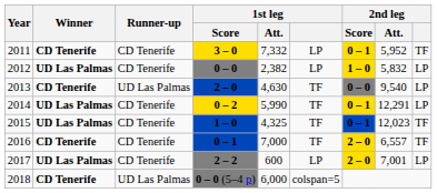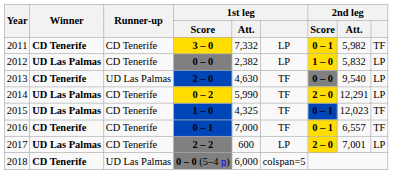 <table class="wikitable">
 <tr>
 <th rowspan=2>Year</th>
 <th rowspan=2>Winner</th>
 <th rowspan=2>Runner-up</th>
 <th colspan=3>1st leg</th>
 <th colspan=3>2nd leg</th>
 </tr>
 <tr>
 <th>Score</th>
 <th>Att.</th>
 <th></th>
 <th>Score</th>
 <th>Att.</th>
 <th></th>
 </tr>
 <tr>
 <td align=center>2011</td>
 <td><strong>CD Tenerife</strong></td>
 <td>CD Tenerife</td>
 <td bgcolor=ffdd00 align=center><span><strong>3 – 0</strong></span></td>
 <td align=center>7,332</td>
 <td align=center>LP</td>
 <td bgcolor=ffdd00 align=center><span><strong>0 – 1</strong></span></td>
-<td align=center>5,952</td>
+<td align=center>5,982</td>
 <td align=center>TF</td>
 </tr>
 <tr>
 <td align=center>2012</td>
 <td><strong>UD Las Palmas</strong></td>
 <td>CD Tenerife</td>
 <td bgcolor=808080 align=center><span><strong>0 – 0</strong> </span></td>
 <td align=center>2,382</td>
 <td align=center>LP</td>
 <td bgcolor=ffdd00 align=center><span><strong>1 – 0</strong></span></td>
 <td align=center>5,832</td>
 <td align=center>LP</td>
 </tr>
 <tr>
 <td align=center>2013</td>
 <td><strong>CD Tenerife</strong></td>
 <td>UD Las Palmas</td>
 <td bgcolor=0046b8 align=center><span><strong>2 – 0</strong> </span></td>
 <td align=center>4,630</td>
 <td align=center>TF</td>
 <td bgcolor=808080 align=center><span><strong>0 – 0</strong> </span></td>
 <td align=center>9,540</td>
 <td align=center>LP</td>
 </tr>
 <tr>
 <td align=center>2014</td>
 <td><strong>UD Las Palmas</strong></td>
 <td>CD Tenerife</td>
 <td bgcolor=ffdd00 align=center><span><strong>0 – 2</strong></span></td>
 <td align=center>5,990</td>
 <td align=center>TF</td>
-<td bgcolor=ffdd00 align=center><span><strong>0 – 1</strong></span></td>
+<td bgcolor=ffdd00 align=center><span><strong>2 – 0</strong></span></td>
 <td align=center>12,291</td>
 <td align=center>LP</td>
 </tr>
 <tr>
 <td align=center>2015</td>
 <td><strong>UD Las Palmas</strong></td>
 <td>CD Tenerife</td>
 <td bgcolor=0046b8 align=center><span><strong>1 – 0</strong> </span></td>
 <td align=center>4,325</td>
 <td align=center>TF</td>
 <td bgcolor=0046b8 align=center><span><strong>0 – 1</strong> </span></td>
 <td align=center>12,023</td>
 <td align=center>TF</td>
 </tr>
 <tr>
 <td align=center>2016</td>
 <td><strong>CD Tenerife</strong></td>
 <td>CD Tenerife</td>
 <td bgcolor=0046b8 align=center><span><strong>0 – 1</strong> </span></td>
 <td align=center>7,000</td>
 <td align=center>TF</td>
-<td bgcolor=ffdd00 align=center><span><strong>2 – 0</strong></span></td>
+<td bgcolor=ffdd00 align=center><span><strong>0 – 1</strong></span></td>
 <td align=center>6,557</td>
 <td align=center>TF</td>
 </tr>
 <tr>
 <td align=center>2017</td>
 <td><strong>UD Las Palmas</strong></td>
 <td>CD Tenerife</td>
 <td bgcolor=808080 align=center><span><strong>2 – 2</strong> </span></td>
 <td align=center>600</td>
 <td align=center>LP</td>
 <td bgcolor=ffdd00 align=center><span><strong>2 – 0</strong> </span></td>
 <td align=center>7,001</td>
 <td>LP</td>
 </tr>
 <tr>
 <td align=center>2018</td>
 <td><strong>CD Tenerife</strong></td>
 <td>UD Las Palmas</td>
 <td bgcolor=808080 align=center><span><strong>0 – 0</strong> (5–4 <a href='#'><span>p</span></a>) </span></td>
 <td align=center>6,000</td>
 <td>colspan=5 </td>
 </tr>
 </table>
